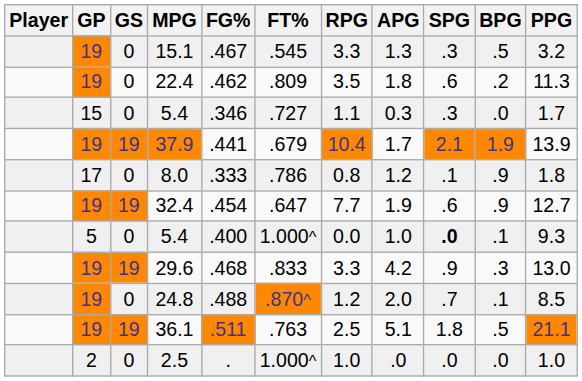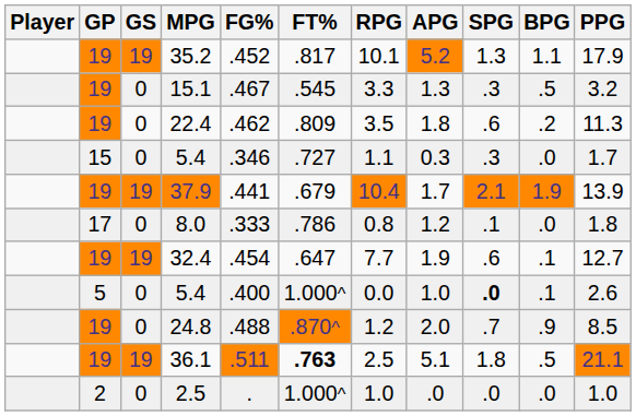 <table class="wikitable sortable" style="font-size:90%; text-align:center; white-space:nowrap;">
 <tr>
 <th>Player</th>
 <th>GP</th>
 <th>GS</th>
 <th>MPG</th>
 <th>FG%</th>
 <th>FT%</th>
 <th>RPG</th>
 <th>APG</th>
 <th>SPG</th>
 <th>BPG</th>
 <th>PPG</th>
+</tr>
+<tr align="center" bgcolor="">
+<td></td>
+<td style="background:#FF8800;color:#423189;">19</td>
+<td style="background:#FF8800;color:#423189;">19</td>
+<td>35.2</td>
+<td>.452</td>
+<td>.817</td>
+<td>10.1</td>
+<td style="background:#FF8800;color:#423189;">5.2</td>
+<td>1.3</td>
+<td>1.1</td>
+<td>17.9</td>
 </tr>
 <tr align="center" bgcolor="#f0f0f0">
 <td></td>
 <td style="background:#FF8800;color:#423189;">19</td>
 <td>0</td>
 <td>15.1</td>
 <td>.467</td>
 <td>.545</td>
 <td>3.3</td>
 <td>1.3</td>
 <td>.3</td>
 <td>.5</td>
 <td>3.2</td>
 </tr>
 <tr align="center" bgcolor="">
 <td></td>
 <td style="background:#FF8800;color:#423189;">19</td>
 <td>0</td>
 <td>22.4</td>
 <td>.462</td>
 <td>.809</td>
 <td>3.5</td>
 <td>1.8</td>
 <td>.6</td>
 <td>.2</td>
 <td>11.3</td>
 </tr>
 <tr align="center" bgcolor="#f0f0f0">
 <td></td>
 <td>15</td>
 <td>0</td>
 <td>5.4</td>
 <td>.346</td>
 <td>.727</td>
 <td>1.1</td>
 <td>0.3</td>
 <td>.3</td>
 <td>.0</td>
 <td>1.7</td>
 </tr>
 <tr align="center" bgcolor="">
 <td></td>
 <td style="background:#FF8800;color:#423189;">19</td>
 <td style="background:#FF8800;color:#423189;">19</td>
 <td style="background:#FF8800;color:#423189;">37.9</td>
 <td>.441</td>
 <td>.679</td>
 <td style="background:#FF8800;color:#423189;">10.4</td>
 <td>1.7</td>
 <td style="background:#FF8800;color:#423189;">2.1</td>
 <td style="background:#FF8800;color:#423189;">1.9</td>
 <td>13.9</td>
 </tr>
 <tr align="center" bgcolor="#f0f0f0">
 <td></td>
 <td>17</td>
 <td>0</td>
 <td>8.0</td>
 <td>.333</td>
 <td>.786</td>
 <td>0.8</td>
 <td>1.2</td>
 <td>.1</td>
-<td>.9</td>
+<td>.0</td>
 <td>1.8</td>
 </tr>
 <tr align="center" bgcolor="">
 <td></td>
 <td style="background:#FF8800;color:#423189;">19</td>
 <td style="background:#FF8800;color:#423189;">19</td>
 <td>32.4</td>
 <td>.454</td>
 <td>.647</td>
 <td>7.7</td>
 <td>1.9</td>
 <td>.6</td>
-<td>.9</td>
+<td>.1</td>
 <td>12.7</td>
 </tr>
 <tr align="center" bgcolor="#f0f0f0">
 <td></td>
 <td>5</td>
 <td>0</td>
 <td>5.4</td>
 <td>.400</td>
 <td>1.000<small>^</small></td>
 <td>0.0</td>
 <td>1.0</td>
 <td><strong>.0</strong></td>
 <td>.1</td>
-<td>9.3</td>
-</tr>
-<tr align="center" bgcolor="">
-<td></td>
-<td style="background:#FF8800;color:#423189;">19</td>
-<td style="background:#FF8800;color:#423189;">19</td>
-<td>29.6</td>
-<td>.468</td>
-<td>.833</td>
-<td>3.3</td>
-<td>4.2</td>
-<td>.9</td>
-<td>.3</td>
-<td>13.0</td>
+<td>2.6</td>
 </tr>
 <tr align="center" bgcolor="#f0f0f0">
 <td></td>
 <td style="background:#FF8800;color:#423189;">19</td>
 <td>0</td>
 <td>24.8</td>
 <td>.488</td>
 <td style="background:#FF8800;color:#423189;">.870<small>^</small></td>
 <td>1.2</td>
 <td>2.0</td>
 <td>.7</td>
-<td>.1</td>
+<td>.9</td>
 <td>8.5</td>
 </tr>
 <tr align="center" bgcolor="">
 <td></td>
 <td style="background:#FF8800;color:#423189;">19</td>
 <td style="background:#FF8800;color:#423189;">19</td>
 <td>36.1</td>
 <td style="background:#FF8800;color:#423189;">.511</td>
-<td>.763</td>
+<td><strong>.763</strong></td>
 <td>2.5</td>
 <td>5.1</td>
 <td>1.8</td>
 <td>.5</td>
 <td style="background:#FF8800;color:#423189;">21.1</td>
 </tr>
 <tr align="center" bgcolor="#f0f0f0">
 <td></td>
 <td>2</td>
 <td>0</td>
 <td>2.5</td>
 <td>.</td>
 <td>1.000<small>^</small></td>
 <td>1.0</td>
 <td>.0</td>
 <td>.0</td>
 <td>.0</td>
 <td>1.0</td>
 </tr>
 </table>
